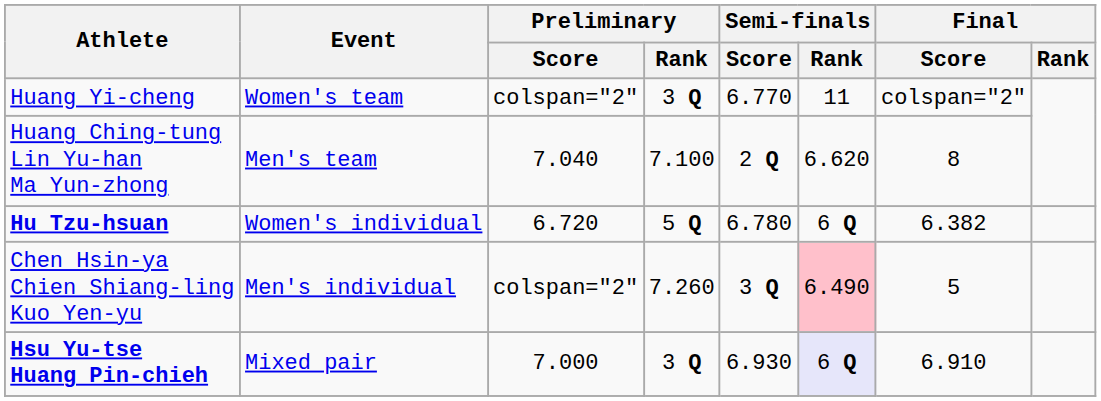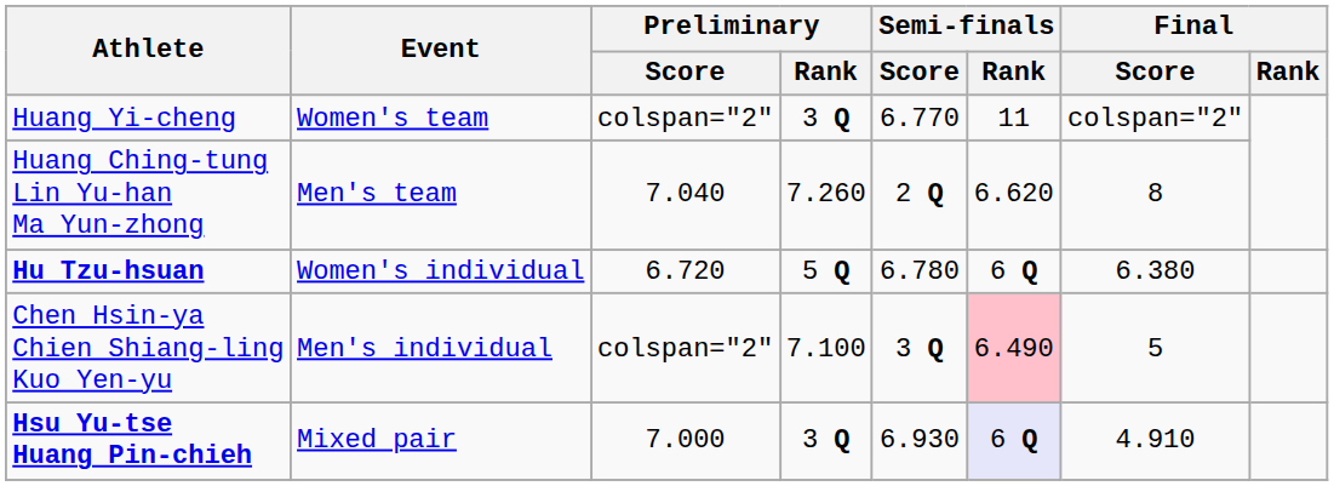 <table class="wikitable" style="font-size:90%; text-align:center">
 <tr>
 <th rowspan="2">Athlete</th>
 <th rowspan="2">Event</th>
 <th colspan="2">Preliminary</th>
 <th colspan="2">Semi-finals</th>
 <th colspan="2">Final</th>
 </tr>
 <tr>
 <th>Score</th>
 <th>Rank</th>
 <th>Score</th>
 <th>Rank</th>
 <th>Score</th>
 <th>Rank</th>
 </tr>
 <tr>
 <td align="left"><a href='#'>Huang Yi-cheng</a></td>
 <td align="left"><a href='#'>Women's team</a></td>
 <td>colspan="2" </td>
 <td>3 <strong>Q</strong></td>
 <td>6.770</td>
 <td>11</td>
 <td>colspan="2" </td>
 </tr>
 <tr>
 <td align="left"><a href='#'>Huang Ching-tung</a><br><a href='#'>Lin Yu-han</a><br><a href='#'>Ma Yun-zhong</a></td>
 <td align="left"><a href='#'>Men's team</a></td>
 <td>7.040</td>
-<td>7.100</td>
+<td>7.260</td>
 <td>2 <strong>Q</strong></td>
 <td>6.620</td>
 <td>8</td>
 </tr>
 <tr>
 <td align="left"><strong><a href='#'>Hu Tzu-hsuan</a></strong></td>
 <td align="left"><a href='#'>Women's individual</a></td>
 <td>6.720</td>
 <td>5 <strong>Q</strong></td>
 <td>6.780</td>
 <td>6 <strong>Q</strong></td>
-<td>6.382</td>
+<td>6.380</td>
 <td></td>
 </tr>
 <tr>
 <td align="left"><a href='#'>Chen Hsin-ya</a><br><a href='#'>Chien Shiang-ling</a><br><a href='#'>Kuo Yen-yu</a></td>
 <td align="left"><a href='#'>Men's individual</a></td>
 <td>colspan="2" </td>
-<td>7.260</td>
+<td>7.100</td>
 <td>3 <strong>Q</strong></td>
 <td style="background: pink;">6.490</td>
 <td>5</td>
 </tr>
 <tr>
 <td align="left"><strong><a href='#'>Hsu Yu-tse</a><br><a href='#'>Huang Pin-chieh</a></strong></td>
 <td align="left"><a href='#'>Mixed pair</a></td>
 <td>7.000</td>
 <td>3 <strong>Q</strong></td>
 <td>6.930</td>
 <td style="background: lavender;">6 <strong>Q</strong></td>
-<td>6.910</td>
+<td>4.910</td>
 <td></td>
 </tr>
 </table>
